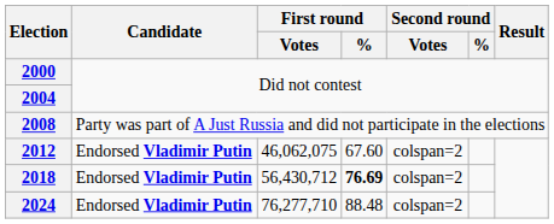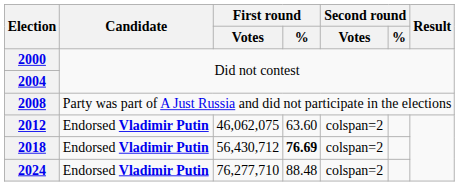 <table class=wikitable style=text-align:center>
 <tr>
 <th rowspan="2"><strong>Election</strong></th>
 <th rowspan="2">Candidate</th>
 <th colspan="2" scope="col">First round</th>
 <th colspan="2">Second round</th>
 <th rowspan="2">Result</th>
 </tr>
 <tr>
 <th><strong>Votes</strong></th>
 <th><strong>%</strong></th>
 <th><strong>Votes</strong></th>
 <th><strong>%</strong></th>
 </tr>
 <tr>
 <th><a href='#'>2000</a></th>
 <td rowspan=2 colspan=6>Did not contest</td>
 </tr>
 <tr>
 <th><a href='#'>2004</a></th>
 </tr>
 <tr>
 <th><a href='#'>2008</a></th>
 <td rowspan=1 colspan=6>Party was part of <a href='#'>A Just Russia</a> and did not participate in the elections</td>
 </tr>
 <tr>
 <th><a href='#'>2012</a></th>
 <td align=left>Endorsed <strong><a href='#'>Vladimir Putin</a></strong></td>
 <td>46,062,075</td>
-<td>67.60</td>
+<td>63.60</td>
 <td>colspan=2 </td>
 <td></td>
 </tr>
 <tr>
 <th><a href='#'>2018</a></th>
 <td align=left>Endorsed <strong><a href='#'>Vladimir Putin</a></strong></td>
 <td>56,430,712</td>
 <td><strong>76.69</strong></td>
 <td>colspan=2 </td>
 <td></td>
 </tr>
 <tr>
 <th><a href='#'>2024</a></th>
 <td align=left>Endorsed <strong><a href='#'>Vladimir Putin</a></strong></td>
 <td>76,277,710</td>
 <td>88.48</td>
 <td>colspan=2 </td>
 <td></td>
 </tr>
 </table>
